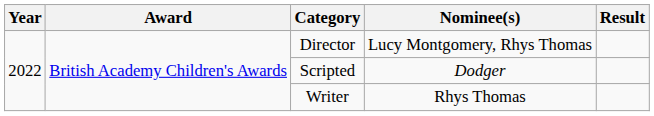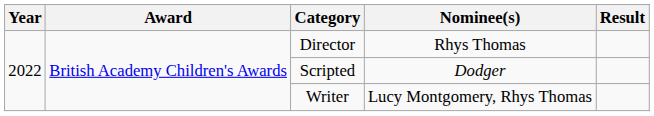 <table class=wikitable style=text-align:center>
 <tr>
 <th>Year</th>
 <th>Award</th>
 <th>Category</th>
 <th>Nominee(s)</th>
 <th>Result</th>
 </tr>
 <tr>
 <td scope=row rowspan=3>2022</td>
 <td scope=row rowspan=3><a href='#'>British Academy Children's Awards</a></td>
 <td>Director</td>
-<td>Lucy Montgomery, Rhys Thomas</td>
+<td>Rhys Thomas</td>
 <td></td>
 </tr>
 <tr>
 <td>Scripted</td>
 <td><em>Dodger</em></td>
 <td></td>
 </tr>
 <tr>
 <td>Writer</td>
-<td>Rhys Thomas</td>
+<td>Lucy Montgomery, Rhys Thomas</td>
 <td></td>
 </tr>
 </table>
